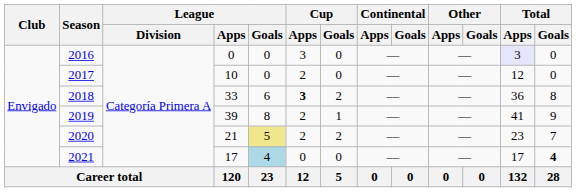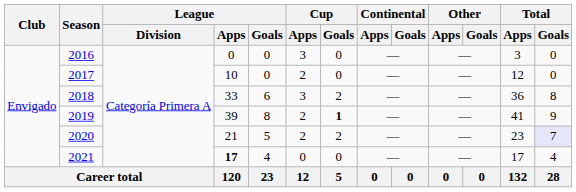 <table class="wikitable" style="text-align: center;">
 <tr>
 <th rowspan="2">Club</th>
 <th rowspan="2">Season</th>
 <th colspan="3">League</th>
 <th colspan="2">Cup</th>
 <th colspan="2">Continental</th>
 <th colspan="2">Other</th>
 <th colspan="2">Total</th>
 </tr>
 <tr>
 <th>Division</th>
 <th>Apps</th>
 <th>Goals</th>
 <th>Apps</th>
 <th>Goals</th>
 <th>Apps</th>
 <th>Goals</th>
 <th>Apps</th>
 <th>Goals</th>
 <th>Apps</th>
 <th>Goals</th>
 </tr>
 <tr>
 <td rowspan="6" valign="center"><a href='#'>Envigado</a></td>
 <td><a href='#'>2016</a></td>
 <td rowspan="6"><a href='#'>Categoría Primera A</a></td>
 <td>0</td>
 <td>0</td>
 <td>3</td>
 <td>0</td>
 <td colspan="2">—</td>
 <td colspan="2">—</td>
-<td style="background: lavender;">3</td>
+<td>3</td>
 <td>0</td>
 </tr>
 <tr>
 <td><a href='#'>2017</a></td>
 <td>10</td>
 <td>0</td>
 <td>2</td>
 <td>0</td>
 <td colspan="2">—</td>
 <td colspan="2">—</td>
 <td>12</td>
 <td>0</td>
 </tr>
 <tr>
 <td><a href='#'>2018</a></td>
 <td>33</td>
 <td>6</td>
-<td><strong>3</strong></td>
+<td>3</td>
 <td>2</td>
 <td colspan="2">—</td>
 <td colspan="2">—</td>
 <td>36</td>
 <td>8</td>
 </tr>
 <tr>
 <td><a href='#'>2019</a></td>
 <td>39</td>
 <td>8</td>
 <td>2</td>
-<td>1</td>
+<td><strong>1</strong></td>
 <td colspan="2">—</td>
 <td colspan="2">—</td>
 <td>41</td>
 <td>9</td>
 </tr>
 <tr>
 <td><a href='#'>2020</a></td>
 <td>21</td>
-<td style="background: khaki;">5</td>
+<td>5</td>
 <td>2</td>
 <td>2</td>
 <td colspan="2">—</td>
 <td colspan="2">—</td>
 <td>23</td>
-<td>7</td>
+<td style="background: lavender;">7</td>
 </tr>
 <tr>
 <td><a href='#'>2021</a></td>
-<td>17</td>
-<td style="background: lightblue;">4</td>
+<td><strong>17</strong></td>
+<td>4</td>
 <td>0</td>
 <td>0</td>
 <td colspan="2">—</td>
 <td colspan="2">—</td>
 <td>17</td>
-<td><strong>4</strong></td>
+<td>4</td>
 </tr>
 <tr>
 <th colspan="3">Career total</th>
 <th>120</th>
 <th>23</th>
 <th>12</th>
 <th>5</th>
 <th>0</th>
 <th>0</th>
 <th>0</th>
 <th>0</th>
 <th>132</th>
 <th>28</th>
 </tr>
 </table>
